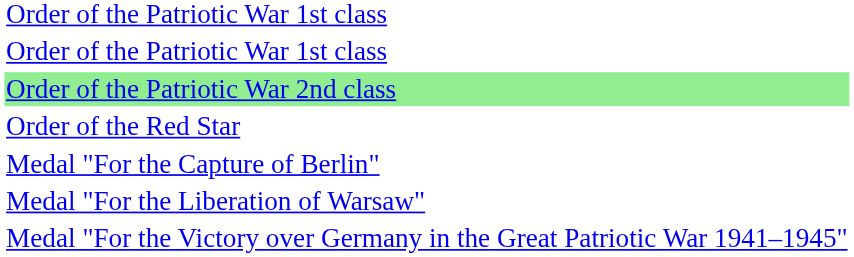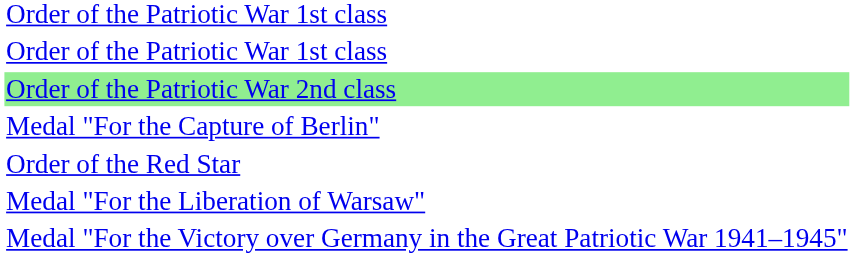 <table>
 <tr>
 <td> <a href='#'>Order of the Patriotic War 1st class</a></td>
 </tr>
 <tr>
 <td> <a href='#'>Order of the Patriotic War 1st class</a></td>
 </tr>
 <tr>
 <td style="background: lightgreen;"> <a href='#'>Order of the Patriotic War 2nd class</a></td>
 </tr>
 <tr>
-<td> <a href='#'>Order of the Red Star</a></td>
+<td> <a href='#'>Medal "For the Capture of Berlin"</a></td>
 </tr>
 <tr>
-<td> <a href='#'>Medal "For the Capture of Berlin"</a></td>
+<td> <a href='#'>Order of the Red Star</a></td>
 </tr>
 <tr>
 <td> <a href='#'>Medal "For the Liberation of Warsaw"</a></td>
 </tr>
 <tr>
 <td> <a href='#'>Medal "For the Victory over Germany in the Great Patriotic War 1941–1945"</a></td>
 </tr>
 <tr>
 </tr>
 </table>
